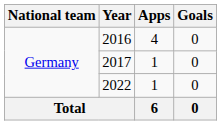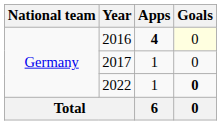 <table class="wikitable" style="text-align:center">
 <tr>
 <th>National team</th>
 <th>Year</th>
 <th>Apps</th>
 <th>Goals</th>
 </tr>
 <tr>
 <td rowspan="3"><a href='#'>Germany</a></td>
 <td>2016</td>
-<td>4</td>
-<td>0</td>
+<td><strong>4</strong></td>
+<td style="background: lightyellow;">0</td>
 </tr>
 <tr>
 <td>2017</td>
 <td>1</td>
 <td>0</td>
 </tr>
 <tr>
 <td>2022</td>
 <td>1</td>
-<td>0</td>
+<td><strong>0</strong></td>
 </tr>
 <tr>
 <th colspan="2">Total</th>
 <th>6</th>
 <th>0</th>
 </tr>
 </table>
